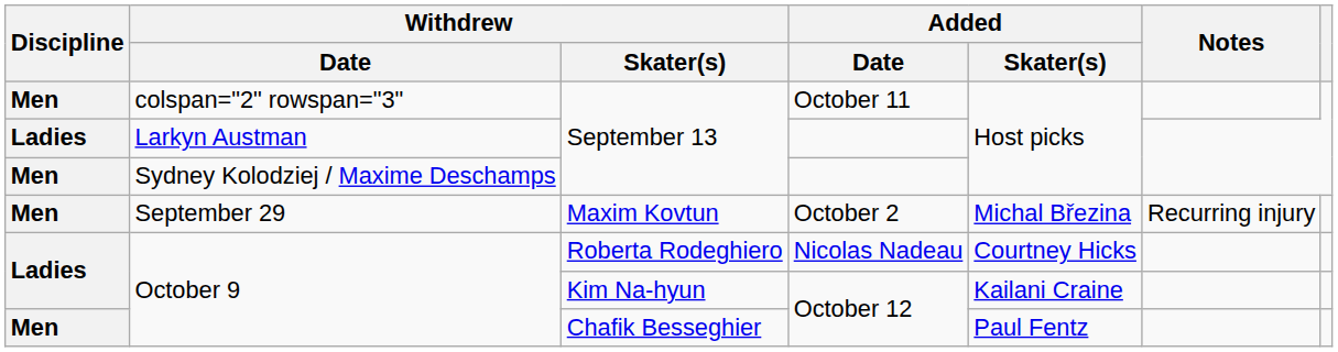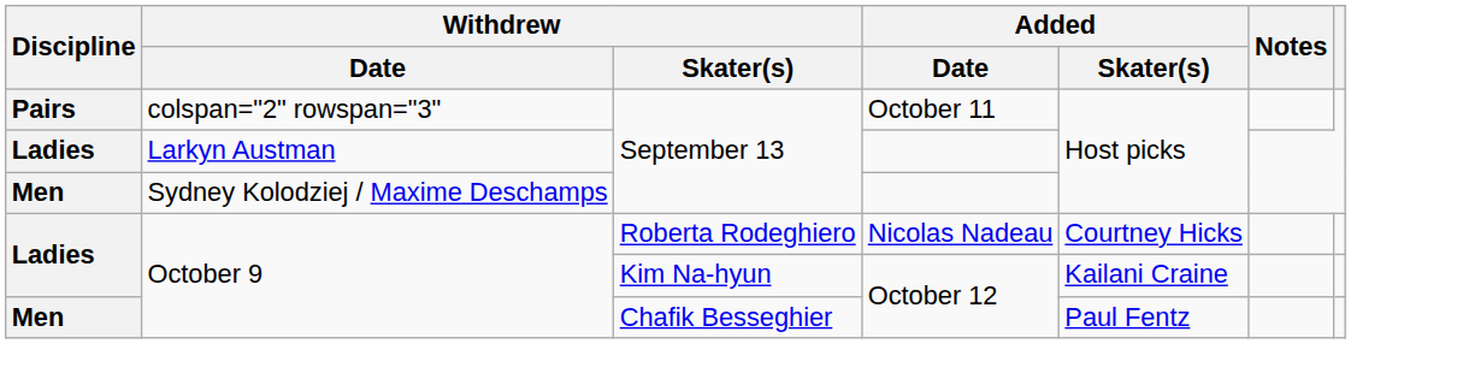 <table class="wikitable unsortable">
 <tr>
 <th scope="col" rowspan=2>Discipline</th>
 <th scope="col" colspan=2>Withdrew</th>
 <th scope="col" colspan=2>Added</th>
 <th scope="col" rowspan=2>Notes</th>
 <th scope="col" rowspan=2></th>
 </tr>
 <tr>
 <th>Date</th>
 <th>Skater(s)</th>
 <th>Date</th>
 <th>Skater(s)</th>
 </tr>
 <tr>
-<th scope="row" style="text-align:left">Men</th>
+<th scope="row" style="text-align:left">Pairs</th>
 <td>colspan="2" rowspan="3" </td>
 <td rowspan="3">September 13</td>
 <td>October 11</td>
 <td rowspan="3">Host picks</td>
 <td></td>
 </tr>
 <tr>
 <th scope="row" style="text-align:left">Ladies</th>
 <td> <a href='#'>Larkyn Austman</a></td>
 <td></td>
 </tr>
 <tr>
 <th scope="row" style="text-align:left">Men</th>
 <td> Sydney Kolodziej / <a href='#'>Maxime Deschamps</a></td>
-<td></td>
-</tr>
-<tr>
-<th scope="row" style="text-align:left">Men</th>
-<td>September 29</td>
-<td> <a href='#'>Maxim Kovtun</a></td>
-<td>October 2</td>
-<td> <a href='#'>Michal Březina</a></td>
-<td>Recurring injury</td>
 <td></td>
 </tr>
 <tr>
 <th scope="row" style="text-align:left" rowspan="2">Ladies</th>
 <td rowspan="3">October 9</td>
 <td> <a href='#'>Roberta Rodeghiero</a></td>
 <td> <a href='#'>Nicolas Nadeau</a></td>
 <td> <a href='#'>Courtney Hicks</a></td>
 <td></td>
 <td></td>
 </tr>
 <tr>
 <td> <a href='#'>Kim Na-hyun</a></td>
 <td rowspan="2">October 12</td>
 <td> <a href='#'>Kailani Craine</a></td>
 <td></td>
 <td></td>
 </tr>
 <tr>
 <th scope="row" style="text-align:left">Men</th>
 <td> <a href='#'>Chafik Besseghier</a></td>
 <td> <a href='#'>Paul Fentz</a></td>
 <td></td>
 <td></td>
 </tr>
 </table>
